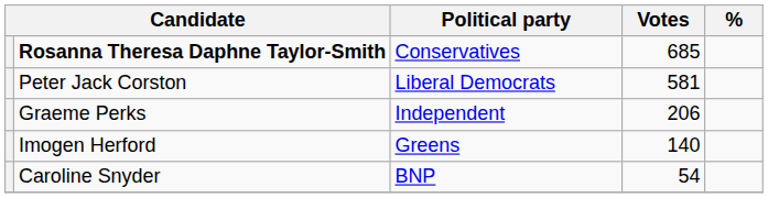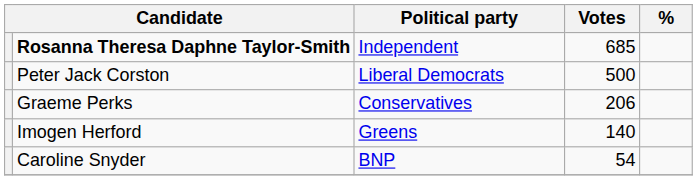 <table class="wikitable">
 <tr>
 <th valign=top colspan="2" style="width: 180px">Candidate</th>
 <th valign=top style="width: 180px">Political party</th>
 <th valign=top style="width: 60px">Votes</th>
 <th valign=top style="width: 40px">%</th>
 </tr>
 <tr>
 <th style="background-color: "></th>
 <td><strong>Rosanna Theresa Daphne Taylor-Smith</strong></td>
-<td><a href='#'>Conservatives</a></td>
+<td><a href='#'>Independent</a></td>
 <td align="right">685</td>
 <td align="right"></td>
 </tr>
 <tr>
 <th style="background-color: "></th>
 <td>Peter Jack Corston</td>
 <td><a href='#'>Liberal Democrats</a></td>
-<td align="right">581</td>
+<td align="right">500</td>
 <td align="right"></td>
 </tr>
 <tr>
 <th style="background-color: "></th>
 <td>Graeme Perks</td>
-<td><a href='#'>Independent</a></td>
+<td><a href='#'>Conservatives</a></td>
 <td align="right">206</td>
 <td align="right"></td>
 </tr>
 <tr>
 <th style="background-color: "></th>
 <td>Imogen Herford</td>
 <td><a href='#'>Greens</a></td>
 <td align="right">140</td>
 <td align="right"></td>
 </tr>
 <tr>
 <th style="background-color: "></th>
 <td>Caroline Snyder</td>
 <td><a href='#'>BNP</a></td>
 <td align="right">54</td>
 <td align="right"></td>
 </tr>
 <tr>
 </tr>
 </table>
